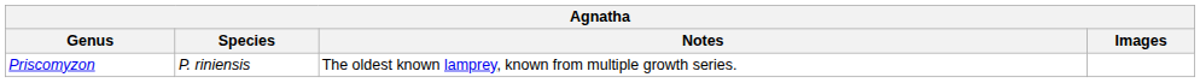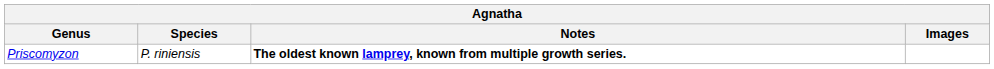 <table class="wikitable sortable" style="background:white; width:100%;">
 <tr>
 <th colspan="4" align="center">Agnatha</th>
 </tr>
 <tr>
 <th>Genus</th>
 <th>Species</th>
 <th>Notes</th>
 <th>Images</th>
 </tr>
 <tr>
 <td><em><a href='#'>Priscomyzon</a></em></td>
 <td><em>P. riniensis</em></td>
-<td>The oldest known <a href='#'>lamprey</a>, known from multiple growth series.</td>
+<td><strong>The oldest known <a href='#'>lamprey</a>, known from multiple growth series.</strong></td>
 <td></td>
 </tr>
 </table>
